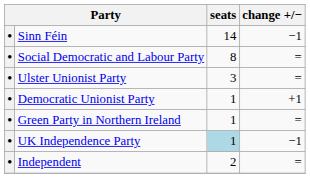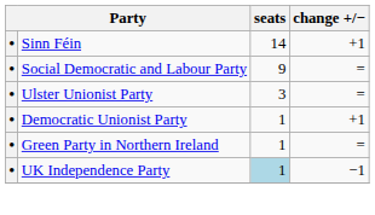 <table class="wikitable" style="font-size: 95%;">
 <tr>
 <th colspan=2>Party</th>
 <th>seats</th>
 <th>change +/−</th>
 </tr>
 <tr>
 <th style="background-color: "><span>•</span></th>
 <td><a href='#'>Sinn Féin</a></td>
 <td align="right">14</td>
-<td align="right">−1</td>
+<td align="right">+1</td>
 </tr>
 <tr>
 <th style="background-color: "><span>•</span></th>
 <td><a href='#'>Social Democratic and Labour Party</a></td>
-<td align="right">8</td>
+<td align="right">9</td>
 <td align="right">=</td>
 </tr>
 <tr>
 <th style="background-color: "><span>•</span></th>
 <td><a href='#'>Ulster Unionist Party</a></td>
 <td align="right">3</td>
 <td align="right">=</td>
 </tr>
 <tr>
 <th style="background-color: "><span>•</span></th>
 <td><a href='#'>Democratic Unionist Party</a></td>
 <td align="right">1</td>
 <td align="right">+1</td>
 </tr>
 <tr>
 <th style="background-color: "><span>•</span></th>
 <td><a href='#'>Green Party in Northern Ireland</a></td>
 <td align="right">1</td>
 <td align="right">=</td>
 </tr>
 <tr>
 <th style="background-color: "><span>•</span></th>
 <td><a href='#'>UK Independence Party</a></td>
 <td align="right" style="background: lightblue;">1</td>
 <td align="right">−1</td>
 </tr>
 <tr>
-<th style="background-color: "><span>•</span></th>
-<td><a href='#'>Independent</a></td>
-<td align="right">2</td>
-<td align="right">=</td>
-</tr>
-<tr>
 </tr>
 </table>
